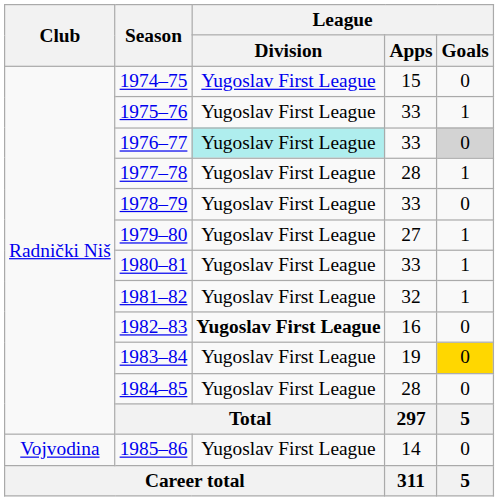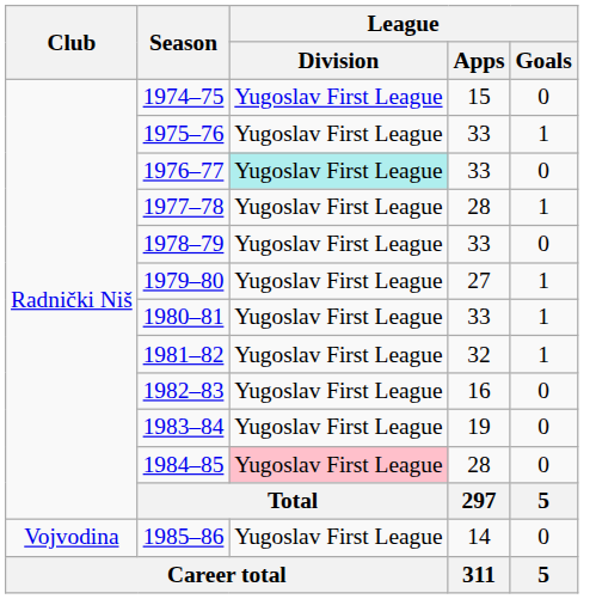 <table class="wikitable" style="text-align:center">
 <tr>
 <th rowspan="2">Club</th>
 <th rowspan="2">Season</th>
 <th colspan="3">League</th>
 </tr>
 <tr>
 <th>Division</th>
 <th>Apps</th>
 <th>Goals</th>
 </tr>
 <tr>
 <td rowspan="12"><a href='#'>Radnički Niš</a></td>
 <td><a href='#'>1974–75</a></td>
 <td><a href='#'>Yugoslav First League</a></td>
 <td>15</td>
 <td>0</td>
 </tr>
 <tr>
 <td><a href='#'>1975–76</a></td>
 <td>Yugoslav First League</td>
 <td>33</td>
 <td>1</td>
 </tr>
 <tr>
 <td><a href='#'>1976–77</a></td>
 <td style="background: paleturquoise;">Yugoslav First League</td>
 <td>33</td>
-<td style="background: lightgrey;">0</td>
+<td>0</td>
 </tr>
 <tr>
 <td><a href='#'>1977–78</a></td>
 <td>Yugoslav First League</td>
 <td>28</td>
 <td>1</td>
 </tr>
 <tr>
 <td><a href='#'>1978–79</a></td>
 <td>Yugoslav First League</td>
 <td>33</td>
 <td>0</td>
 </tr>
 <tr>
 <td><a href='#'>1979–80</a></td>
 <td>Yugoslav First League</td>
 <td>27</td>
 <td>1</td>
 </tr>
 <tr>
 <td><a href='#'>1980–81</a></td>
 <td>Yugoslav First League</td>
 <td>33</td>
 <td>1</td>
 </tr>
 <tr>
 <td><a href='#'>1981–82</a></td>
 <td>Yugoslav First League</td>
 <td>32</td>
 <td>1</td>
 </tr>
 <tr>
 <td><a href='#'>1982–83</a></td>
-<td><strong>Yugoslav First League</strong></td>
+<td>Yugoslav First League</td>
 <td>16</td>
 <td>0</td>
 </tr>
 <tr>
 <td><a href='#'>1983–84</a></td>
 <td>Yugoslav First League</td>
 <td>19</td>
-<td style="background: gold;">0</td>
+<td>0</td>
 </tr>
 <tr>
 <td><a href='#'>1984–85</a></td>
-<td>Yugoslav First League</td>
+<td style="background: pink;">Yugoslav First League</td>
 <td>28</td>
 <td>0</td>
 </tr>
 <tr>
 <th colspan="2">Total</th>
 <th>297</th>
 <th>5</th>
 </tr>
 <tr>
 <td><a href='#'>Vojvodina</a></td>
 <td><a href='#'>1985–86</a></td>
 <td>Yugoslav First League</td>
 <td>14</td>
 <td>0</td>
 </tr>
 <tr>
 <th colspan="3">Career total</th>
 <th>311</th>
 <th>5</th>
 </tr>
 </table>
